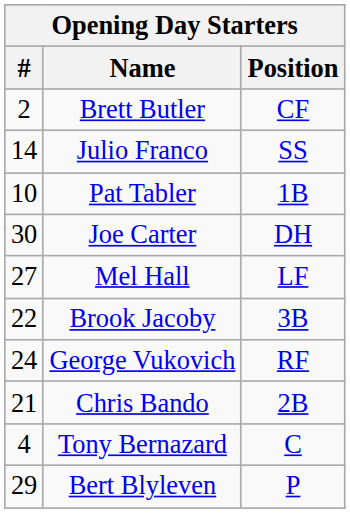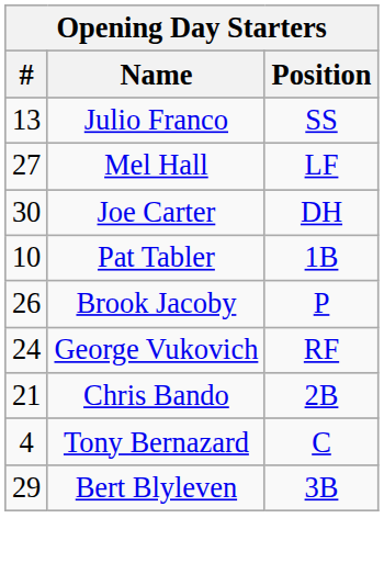 <table class="wikitable" style="text-align:center">
 <tr>
 <th colspan="3">Opening Day Starters</th>
 </tr>
 <tr>
 <th>#</th>
 <th>Name</th>
 <th>Position</th>
 </tr>
 <tr>
-<td>2</td>
-<td><a href='#'>Brett Butler</a></td>
-<td><a href='#'>CF</a></td>
+<td>13</td>
+<td><a href='#'>Julio Franco</a></td>
+<td><a href='#'>SS</a></td>
 </tr>
 <tr>
-<td>14</td>
-<td><a href='#'>Julio Franco</a></td>
-<td><a href='#'>SS</a></td>
+<td>27</td>
+<td><a href='#'>Mel Hall</a></td>
+<td><a href='#'>LF</a></td>
+</tr>
+<tr>
+<td>30</td>
+<td><a href='#'>Joe Carter</a></td>
+<td><a href='#'>DH</a></td>
 </tr>
 <tr>
 <td>10</td>
 <td><a href='#'>Pat Tabler</a></td>
 <td><a href='#'>1B</a></td>
 </tr>
 <tr>
-<td>30</td>
-<td><a href='#'>Joe Carter</a></td>
-<td><a href='#'>DH</a></td>
-</tr>
-<tr>
-<td>27</td>
-<td><a href='#'>Mel Hall</a></td>
-<td><a href='#'>LF</a></td>
-</tr>
-<tr>
-<td>22</td>
+<td>26</td>
 <td><a href='#'>Brook Jacoby</a></td>
-<td><a href='#'>3B</a></td>
+<td><a href='#'>P</a></td>
 </tr>
 <tr>
 <td>24</td>
 <td><a href='#'>George Vukovich</a></td>
 <td><a href='#'>RF</a></td>
 </tr>
 <tr>
 <td>21</td>
 <td><a href='#'>Chris Bando</a></td>
 <td><a href='#'>2B</a></td>
 </tr>
 <tr>
 <td>4</td>
 <td><a href='#'>Tony Bernazard</a></td>
 <td><a href='#'>C</a></td>
 </tr>
 <tr>
 <td>29</td>
 <td><a href='#'>Bert Blyleven</a></td>
-<td><a href='#'>P</a></td>
+<td><a href='#'>3B</a></td>
 </tr>
 </table>
